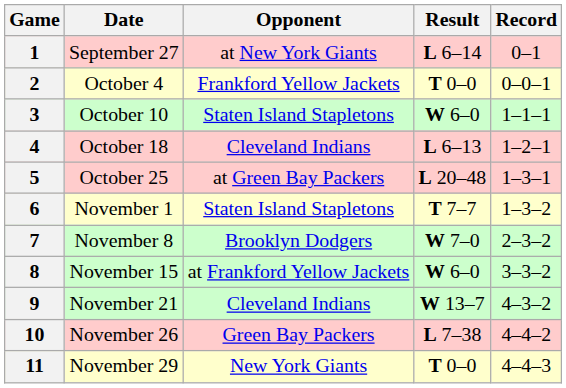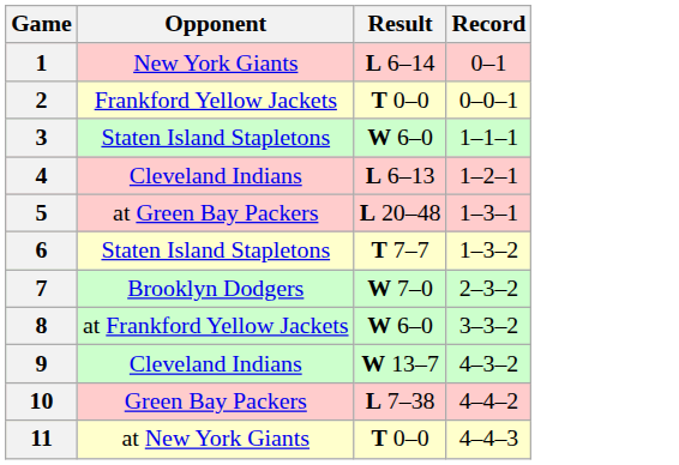 <table class="wikitable" style="text-align:center">
 <tr>
 <th>Game</th>
-<th>Date</th>
 <th>Opponent</th>
 <th>Result</th>
 <th>Record</th>
 </tr>
 <tr style="background:#fcc">
 <th>1</th>
-<td>September 27</td>
-<td>at <a href='#'>New York Giants</a></td>
+<td><a href='#'>New York Giants</a></td>
 <td><strong>L</strong> 6–14</td>
 <td>0–1</td>
 </tr>
 <tr style="background:#ffc">
 <th>2</th>
-<td>October 4</td>
 <td><a href='#'>Frankford Yellow Jackets</a></td>
 <td><strong>T</strong> 0–0</td>
 <td>0–0–1</td>
 </tr>
 <tr style="background:#cfc">
 <th>3</th>
-<td>October 10</td>
 <td><a href='#'>Staten Island Stapletons</a></td>
 <td><strong>W</strong> 6–0</td>
 <td>1–1–1</td>
 </tr>
 <tr style="background:#fcc">
 <th>4</th>
-<td>October 18</td>
 <td><a href='#'>Cleveland Indians</a></td>
 <td><strong>L</strong> 6–13</td>
 <td>1–2–1</td>
 </tr>
 <tr style="background:#fcc">
 <th>5</th>
-<td>October 25</td>
 <td>at <a href='#'>Green Bay Packers</a></td>
 <td><strong>L</strong> 20–48</td>
 <td>1–3–1</td>
 </tr>
 <tr style="background:#ffc">
 <th>6</th>
-<td>November 1</td>
 <td><a href='#'>Staten Island Stapletons</a></td>
 <td><strong>T</strong> 7–7</td>
 <td>1–3–2</td>
 </tr>
 <tr style="background:#cfc">
 <th>7</th>
-<td>November 8</td>
 <td><a href='#'>Brooklyn Dodgers</a></td>
 <td><strong>W</strong> 7–0</td>
 <td>2–3–2</td>
 </tr>
 <tr style="background:#cfc">
 <th>8</th>
-<td>November 15</td>
 <td>at <a href='#'>Frankford Yellow Jackets</a></td>
 <td><strong>W</strong> 6–0</td>
 <td>3–3–2</td>
 </tr>
 <tr style="background:#cfc">
 <th>9</th>
-<td>November 21</td>
 <td><a href='#'>Cleveland Indians</a></td>
 <td><strong>W</strong> 13–7</td>
 <td>4–3–2</td>
 </tr>
 <tr style="background:#fcc">
 <th>10</th>
-<td>November 26</td>
 <td><a href='#'>Green Bay Packers</a></td>
 <td><strong>L</strong> 7–38</td>
 <td>4–4–2</td>
 </tr>
 <tr style="background:#ffc">
 <th>11</th>
-<td>November 29</td>
-<td><a href='#'>New York Giants</a></td>
+<td>at <a href='#'>New York Giants</a></td>
 <td><strong>T</strong> 0–0</td>
 <td>4–4–3</td>
 </tr>
 </table>
